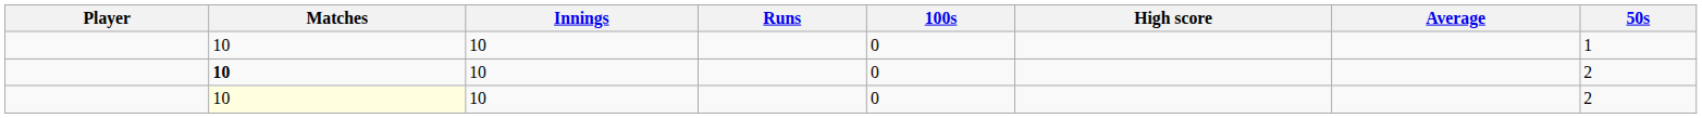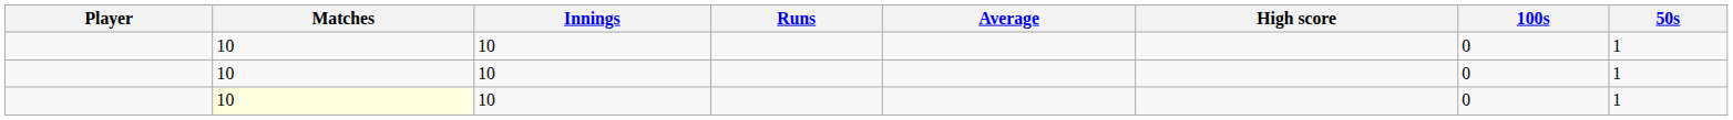 <table class="wikitable sortable" style="width:80%;">
 <tr>
 <th>Player</th>
 <th>Matches</th>
 <th><a href='#'>Innings</a></th>
 <th><a href='#'>Runs</a></th>
+<th><a href='#'>Average</a></th>
+<th>High score</th>
 <th><a href='#'>100s</a></th>
-<th>High score</th>
-<th><a href='#'>Average</a></th>
 <th><a href='#'>50s</a></th>
 </tr>
 <tr>
 <td></td>
 <td>10</td>
 <td>10</td>
 <td></td>
-<td>0</td>
 <td></td>
 <td></td>
+<td>0</td>
 <td>1</td>
 </tr>
 <tr>
 <td></td>
-<td><strong>10</strong></td>
+<td>10</td>
 <td>10</td>
 <td></td>
-<td>0</td>
 <td></td>
 <td></td>
-<td>2</td>
+<td>0</td>
+<td>1</td>
 </tr>
 <tr>
 <td></td>
 <td style="background: lightyellow;">10</td>
 <td>10</td>
 <td></td>
-<td>0</td>
 <td></td>
 <td></td>
-<td>2</td>
+<td>0</td>
+<td>1</td>
 </tr>
 </table>
